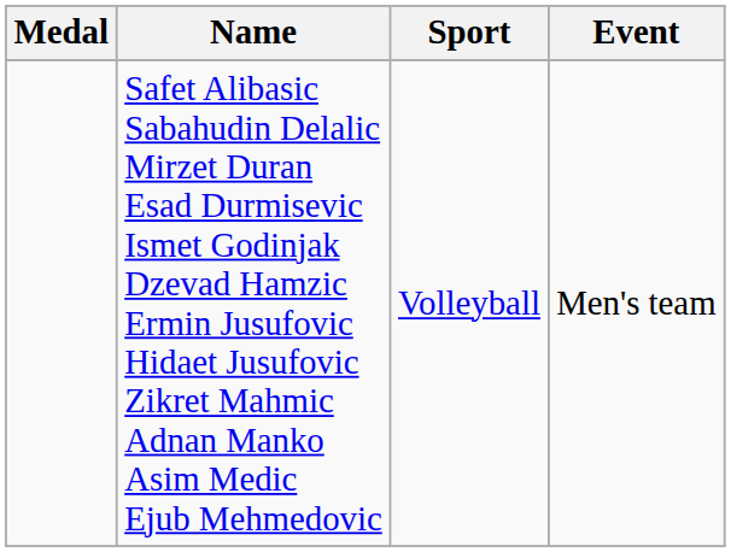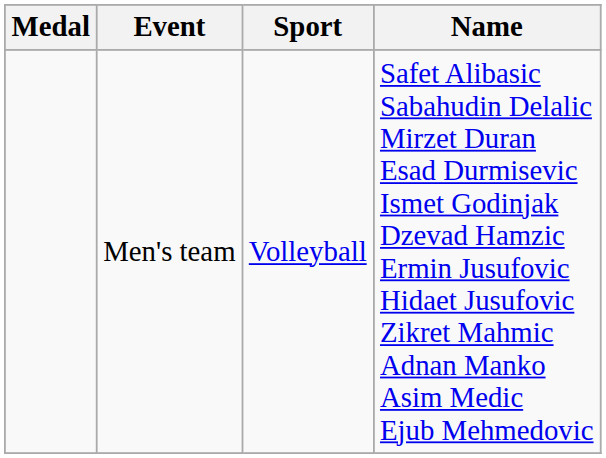 <table class="wikitable">
 <tr>
 <th>Medal</th>
+<th>Event</th>
+<th>Sport</th>
 <th>Name</th>
-<th>Sport</th>
-<th>Event</th>
 </tr>
 <tr>
 <td></td>
+<td>Men's team</td>
+<td><a href='#'>Volleyball</a></td>
 <td><a href='#'>Safet Alibasic</a><br> <a href='#'>Sabahudin Delalic</a><br> <a href='#'>Mirzet Duran</a><br> <a href='#'>Esad Durmisevic</a><br> <a href='#'>Ismet Godinjak</a><br> <a href='#'>Dzevad Hamzic</a><br> <a href='#'>Ermin Jusufovic</a><br> <a href='#'>Hidaet Jusufovic</a><br> <a href='#'>Zikret Mahmic</a><br> <a href='#'>Adnan Manko</a><br> <a href='#'>Asim Medic</a><br> <a href='#'>Ejub Mehmedovic</a></td>
-<td><a href='#'>Volleyball</a></td>
-<td>Men's team</td>
 </tr>
 </table>
